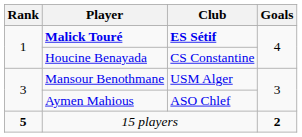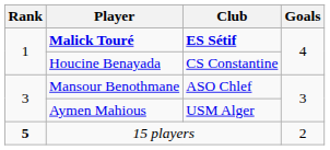 <table class="wikitable sortable" style="text-align:center">
 <tr>
 <th>Rank</th>
 <th>Player</th>
 <th>Club</th>
 <th>Goals</th>
 </tr>
 <tr>
 <td rowspan="2">1</td>
 <td align="left"> <strong><a href='#'>Malick Touré</a></strong></td>
 <td align="left"><strong><a href='#'>ES Sétif</a></strong></td>
 <td rowspan="2">4</td>
 </tr>
 <tr>
 <td align="left"> <a href='#'>Houcine Benayada</a></td>
 <td align="left"><a href='#'>CS Constantine</a></td>
 </tr>
 <tr>
 <td rowspan="2">3</td>
 <td align="left"> <a href='#'>Mansour Benothmane</a></td>
-<td align="left"><a href='#'>USM Alger</a></td>
+<td align="left"><a href='#'>ASO Chlef</a></td>
 <td rowspan="2">3</td>
 </tr>
 <tr>
 <td align="left"> <a href='#'>Aymen Mahious</a></td>
-<td align="left"><a href='#'>ASO Chlef</a></td>
+<td align="left"><a href='#'>USM Alger</a></td>
 </tr>
 <tr>
 <td><strong>5</strong></td>
 <td colspan="2"><em>15 players</em></td>
-<td><strong>2</strong></td>
+<td>2</td>
 </tr>
 </table>
